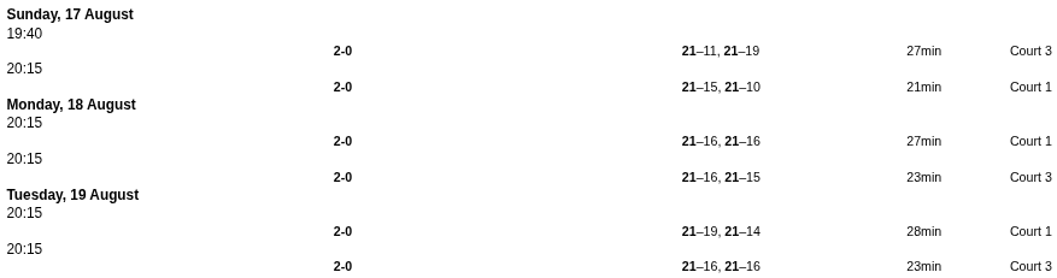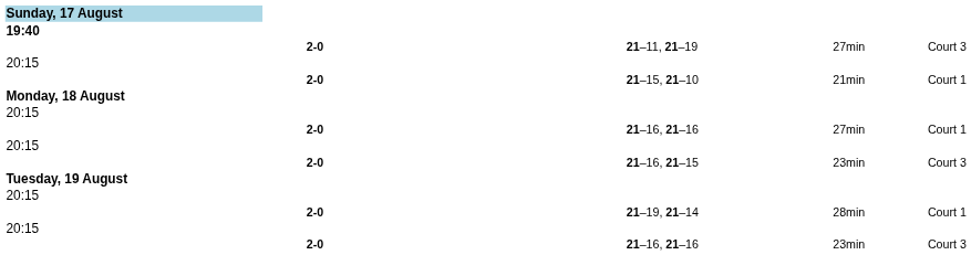 <table style="width:100%;" cellspacing="1">
 <tr>
 <th width=25%></th>
 <th width=10%></th>
 <th width=25%></th>
 </tr>
 <tr>
-<td><strong>Sunday, 17 August</strong></td>
+<td style="background: lightblue;"><strong>Sunday, 17 August</strong></td>
 </tr>
 <tr>
-<td>19:40</td>
+<td><strong>19:40</strong></td>
 </tr>
 <tr style=font-size:90%>
 <td align=right><strong><br></strong></td>
 <td align=center><strong> 2-0 </strong></td>
 <td><br></td>
 <td><strong>21</strong>–11, <strong>21</strong>–19</td>
 <td>27min</td>
 <td>Court 3</td>
 </tr>
 <tr>
 <td>20:15</td>
 </tr>
 <tr style=font-size:90%>
 <td align=right><strong><br></strong></td>
 <td align=center><strong> 2-0 </strong></td>
 <td><br></td>
 <td><strong>21</strong>–15, <strong>21</strong>–10</td>
 <td>21min</td>
 <td>Court 1</td>
 </tr>
 <tr>
 <td><strong>Monday, 18 August</strong></td>
 </tr>
 <tr>
 <td>20:15</td>
 </tr>
 <tr style=font-size:90%>
 <td align=right><strong><br></strong></td>
 <td align=center><strong> 2-0 </strong></td>
 <td><br></td>
 <td><strong>21</strong>–16, <strong>21</strong>–16</td>
 <td>27min</td>
 <td>Court 1</td>
 </tr>
 <tr>
 <td>20:15</td>
 </tr>
 <tr style=font-size:90%>
 <td align=right><strong><br></strong></td>
 <td align=center><strong> 2-0 </strong></td>
 <td><br></td>
 <td><strong>21</strong>–16, <strong>21</strong>–15</td>
 <td>23min</td>
 <td>Court 3</td>
 </tr>
 <tr>
 <td><strong>Tuesday, 19 August</strong></td>
 </tr>
 <tr>
 <td>20:15</td>
 </tr>
 <tr style=font-size:90%>
 <td align=right><strong><br></strong></td>
 <td align=center><strong> 2-0 </strong></td>
 <td><br></td>
 <td><strong>21</strong>–19, <strong>21</strong>–14</td>
 <td>28min</td>
 <td>Court 1</td>
 </tr>
 <tr>
 <td>20:15</td>
 </tr>
 <tr style=font-size:90%>
 <td align=right><strong><br></strong></td>
 <td align=center><strong> 2-0 </strong></td>
 <td><br></td>
 <td><strong>21</strong>–16, <strong>21</strong>–16</td>
 <td>23min</td>
 <td>Court 3</td>
 </tr>
 </table>
